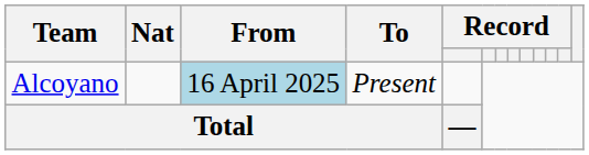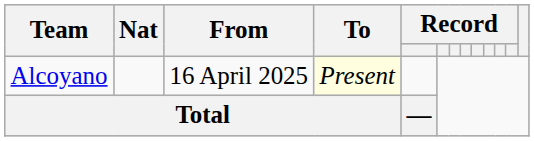 <table class="wikitable" style="text-align: center">
 <tr>
 <th rowspan="2">Team</th>
 <th rowspan="2">Nat</th>
 <th rowspan="2">From</th>
 <th rowspan="2">To</th>
 <th colspan="8">Record</th>
 <th rowspan=2></th>
 </tr>
 <tr>
 <th></th>
 <th></th>
 <th></th>
 <th></th>
 <th></th>
 <th></th>
 <th></th>
 <th></th>
 </tr>
 <tr>
 <td align="left"><a href='#'>Alcoyano</a></td>
 <td></td>
-<td align=left style="background: lightblue;">16 April 2025</td>
-<td align=left><em>Present</em><br></td>
+<td align=left>16 April 2025</td>
+<td align=left style="background: lightyellow;"><em>Present</em><br></td>
 <td></td>
 </tr>
 <tr>
 <th colspan=4>Total<br></th>
 <th>—</th>
 </tr>
 </table>
